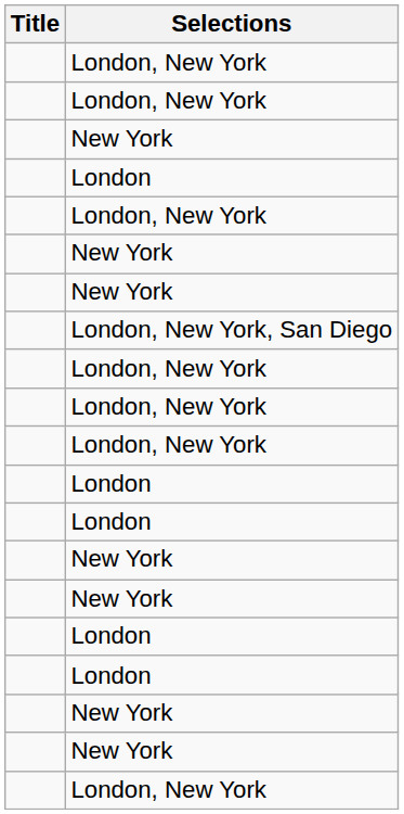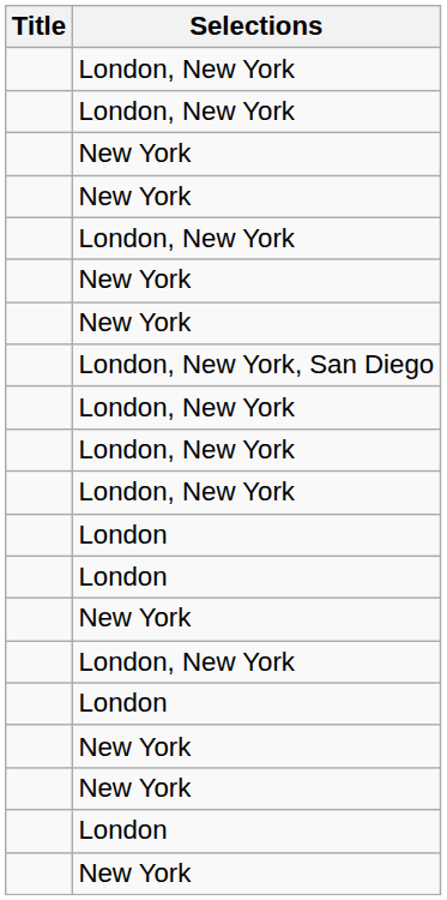 <table class="wikitable">
 <tr>
 <th>Title</th>
 <th>Selections</th>
 </tr>
 <tr>
 <td></td>
 <td>London, New York</td>
 </tr>
 <tr>
 <td></td>
 <td>London, New York</td>
 </tr>
 <tr>
 <td></td>
 <td>New York</td>
 </tr>
 <tr>
 <td></td>
-<td>London</td>
+<td>New York</td>
 </tr>
 <tr>
 <td></td>
 <td>London, New York</td>
 </tr>
 <tr>
 <td></td>
 <td>New York</td>
 </tr>
 <tr>
 <td></td>
 <td>New York</td>
 </tr>
 <tr>
 <td></td>
 <td>London, New York, San Diego</td>
 </tr>
 <tr>
 <td></td>
 <td>London, New York</td>
 </tr>
 <tr>
 <td></td>
 <td>London, New York</td>
 </tr>
 <tr>
 <td></td>
 <td>London, New York</td>
 </tr>
 <tr>
 <td></td>
 <td>London</td>
 </tr>
 <tr>
 <td></td>
 <td>London</td>
 </tr>
 <tr>
 <td></td>
 <td>New York</td>
 </tr>
 <tr>
 <td></td>
-<td>New York</td>
-</tr>
-<tr>
-<td></td>
-<td>London</td>
+<td>London, New York</td>
 </tr>
 <tr>
 <td></td>
 <td>London</td>
 </tr>
 <tr>
 <td></td>
 <td>New York</td>
 </tr>
 <tr>
 <td></td>
 <td>New York</td>
 </tr>
 <tr>
 <td></td>
-<td>London, New York</td>
+<td>London</td>
+</tr>
+<tr>
+<td></td>
+<td>New York</td>
 </tr>
 </table>
